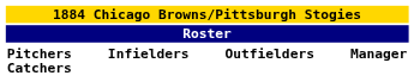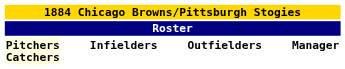 <table class="toccolours" style="font-size: 95%;">
 <tr>
 <th colspan="10" style="background-color: gold; color: black; text-align: center;">1884 Chicago Browns/Pittsburgh Stogies</th>
 </tr>
 <tr>
 <td colspan="10" style="background-color: navy; color: white; text-align: center;"><strong>Roster</strong></td>
 </tr>
 <tr>
-<td valign="top"><strong>Pitchers</strong><br>      <strong>Catchers</strong>   </td>
+<td valign="top" style="background: lightyellow;"><strong>Pitchers</strong><br>      <strong>Catchers</strong>   </td>
 <td width="25px"></td>
 <td valign="top"><strong>Infielders</strong><br>               </td>
 <td width="25px"></td>
 <td valign="top"><strong>Outfielders</strong><br>      </td>
 <td width="25px"></td>
 <td valign="top"><strong>Manager</strong><br>  </td>
 </tr>
 </table>
